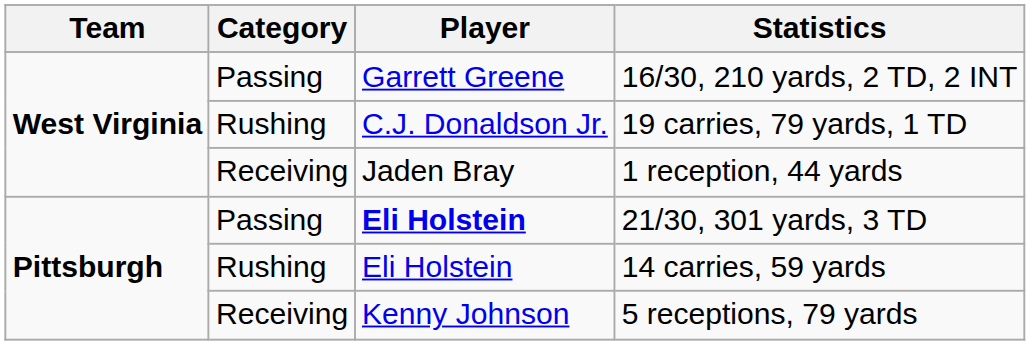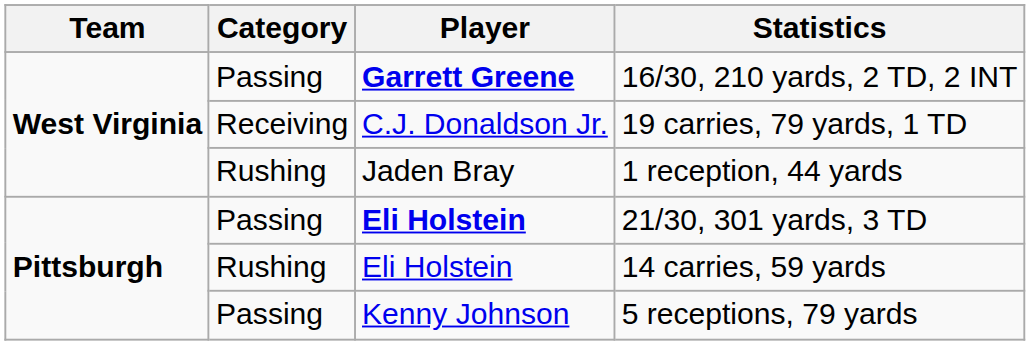 <table class="wikitable" style="float: right;">
 <tr>
 <th>Team</th>
 <th>Category</th>
 <th>Player</th>
 <th>Statistics</th>
 </tr>
 <tr>
 <td rowspan=3><strong>West Virginia</strong></td>
 <td>Passing</td>
-<td><a href='#'>Garrett Greene</a></td>
+<td><strong><a href='#'>Garrett Greene</a></strong></td>
 <td>16/30, 210 yards, 2 TD, 2 INT</td>
 </tr>
 <tr>
-<td>Rushing</td>
+<td>Receiving</td>
 <td><a href='#'>C.J. Donaldson Jr.</a></td>
 <td>19 carries, 79 yards, 1 TD</td>
 </tr>
 <tr>
-<td>Receiving</td>
+<td>Rushing</td>
 <td>Jaden Bray</td>
 <td>1 reception, 44 yards</td>
 </tr>
 <tr>
 <td rowspan=3><strong>Pittsburgh</strong></td>
 <td>Passing</td>
 <td><strong><a href='#'>Eli Holstein</a></strong></td>
 <td>21/30, 301 yards, 3 TD</td>
 </tr>
 <tr>
 <td>Rushing</td>
 <td><a href='#'>Eli Holstein</a></td>
 <td>14 carries, 59 yards</td>
 </tr>
 <tr>
-<td>Receiving</td>
+<td>Passing</td>
 <td><a href='#'>Kenny Johnson</a></td>
 <td>5 receptions, 79 yards</td>
 </tr>
 </table>
